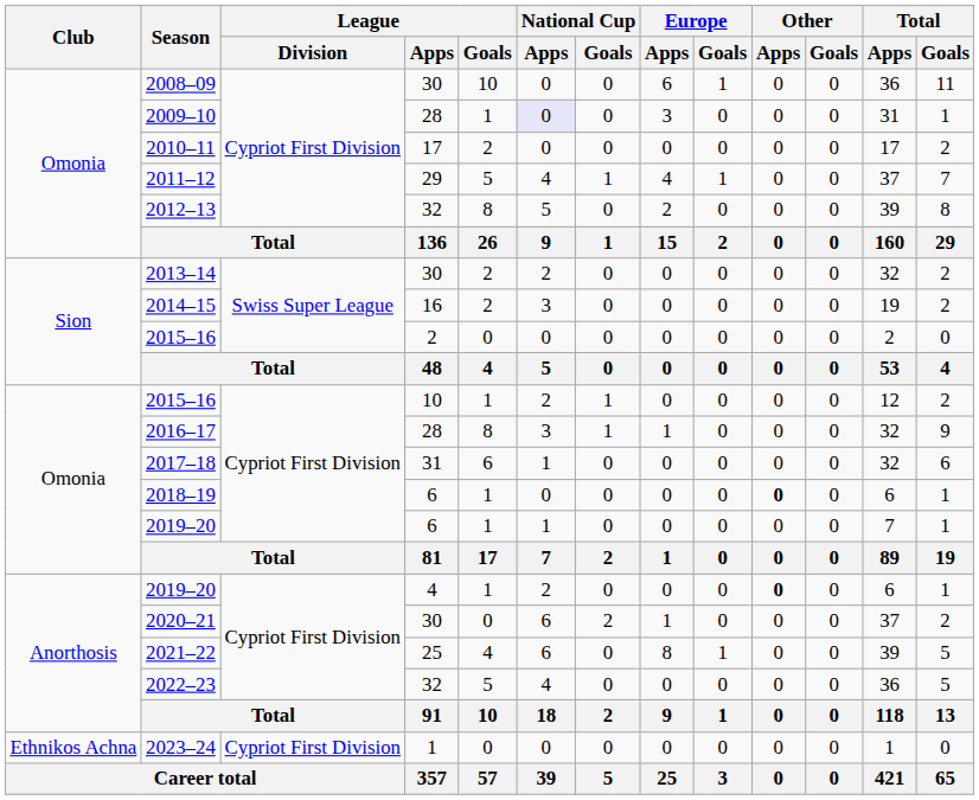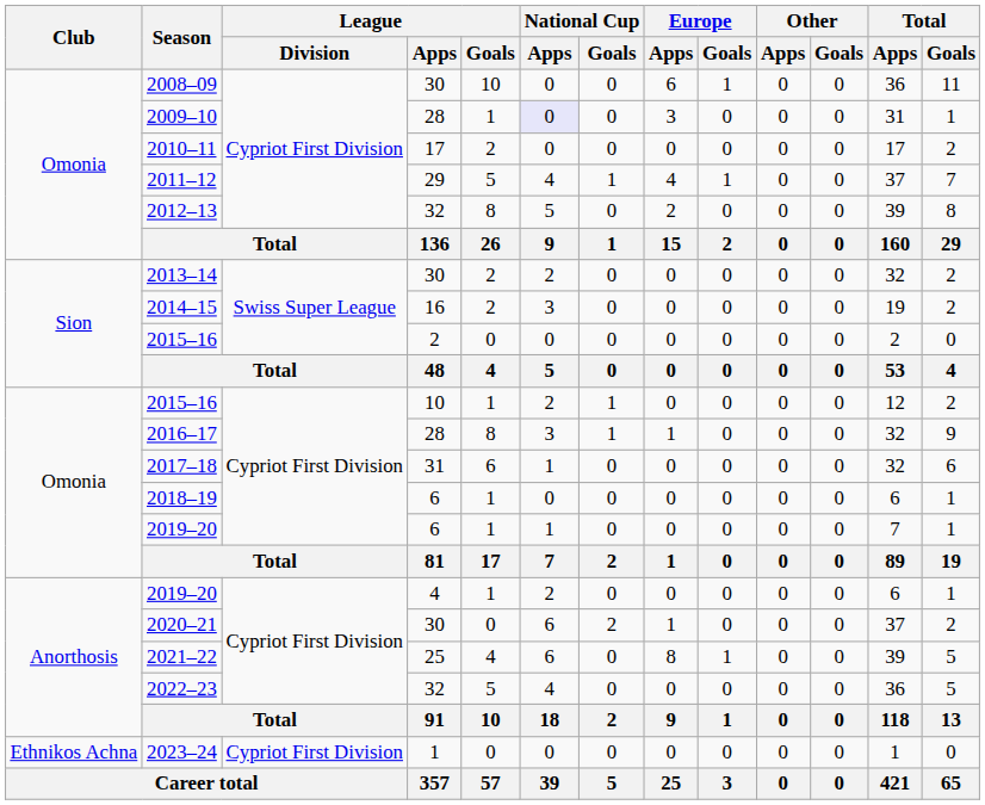 <table class="wikitable" style="text-align:center">
 <tr>
 <th rowspan=2>Club</th>
 <th rowspan=2>Season</th>
 <th colspan=3>League</th>
 <th colspan=2>National Cup</th>
 <th colspan=2><a href='#'>Europe</a></th>
 <th colspan=2>Other</th>
 <th colspan=2>Total</th>
 </tr>
 <tr>
 <th>Division</th>
 <th>Apps</th>
 <th>Goals</th>
 <th>Apps</th>
 <th>Goals</th>
 <th>Apps</th>
 <th>Goals</th>
 <th>Apps</th>
 <th>Goals</th>
 <th>Apps</th>
 <th>Goals</th>
 </tr>
 <tr>
 <td rowspan=6><a href='#'>Omonia</a></td>
 <td><a href='#'>2008–09</a></td>
 <td rowspan="5"><a href='#'>Cypriot First Division</a></td>
 <td>30</td>
 <td>10</td>
 <td>0</td>
 <td>0</td>
 <td>6</td>
 <td>1</td>
 <td>0</td>
 <td>0</td>
 <td>36</td>
 <td>11</td>
 </tr>
 <tr>
 <td><a href='#'>2009–10</a></td>
 <td>28</td>
 <td>1</td>
 <td style="background: lavender;">0</td>
 <td>0</td>
 <td>3</td>
 <td>0</td>
 <td>0</td>
 <td>0</td>
 <td>31</td>
 <td>1</td>
 </tr>
 <tr>
 <td><a href='#'>2010–11</a></td>
 <td>17</td>
 <td>2</td>
 <td>0</td>
 <td>0</td>
 <td>0</td>
 <td>0</td>
 <td>0</td>
 <td>0</td>
 <td>17</td>
 <td>2</td>
 </tr>
 <tr>
 <td><a href='#'>2011–12</a></td>
 <td>29</td>
 <td>5</td>
 <td>4</td>
 <td>1</td>
 <td>4</td>
 <td>1</td>
 <td>0</td>
 <td>0</td>
 <td>37</td>
 <td>7</td>
 </tr>
 <tr>
 <td><a href='#'>2012–13</a></td>
 <td>32</td>
 <td>8</td>
 <td>5</td>
 <td>0</td>
 <td>2</td>
 <td>0</td>
 <td>0</td>
 <td>0</td>
 <td>39</td>
 <td>8</td>
 </tr>
 <tr>
 <th colspan=2>Total</th>
 <th>136</th>
 <th>26</th>
 <th>9</th>
 <th>1</th>
 <th>15</th>
 <th>2</th>
 <th>0</th>
 <th>0</th>
 <th>160</th>
 <th>29</th>
 </tr>
 <tr>
 <td rowspan=4><a href='#'>Sion</a></td>
 <td><a href='#'>2013–14</a></td>
 <td rowspan="3"><a href='#'>Swiss Super League</a></td>
 <td>30</td>
 <td>2</td>
 <td>2</td>
 <td>0</td>
 <td>0</td>
 <td>0</td>
 <td>0</td>
 <td>0</td>
 <td>32</td>
 <td>2</td>
 </tr>
 <tr>
 <td><a href='#'>2014–15</a></td>
 <td>16</td>
 <td>2</td>
 <td>3</td>
 <td>0</td>
 <td>0</td>
 <td>0</td>
 <td>0</td>
 <td>0</td>
 <td>19</td>
 <td>2</td>
 </tr>
 <tr>
 <td><a href='#'>2015–16</a></td>
 <td>2</td>
 <td>0</td>
 <td>0</td>
 <td>0</td>
 <td>0</td>
 <td>0</td>
 <td>0</td>
 <td>0</td>
 <td>2</td>
 <td>0</td>
 </tr>
 <tr>
 <th colspan=2>Total</th>
 <th>48</th>
 <th>4</th>
 <th>5</th>
 <th>0</th>
 <th>0</th>
 <th>0</th>
 <th>0</th>
 <th>0</th>
 <th>53</th>
 <th>4</th>
 </tr>
 <tr>
 <td rowspan="6">Omonia</td>
 <td><a href='#'>2015–16</a></td>
 <td rowspan="5">Cypriot First Division</td>
 <td>10</td>
 <td>1</td>
 <td>2</td>
 <td>1</td>
 <td>0</td>
 <td>0</td>
 <td>0</td>
 <td>0</td>
 <td>12</td>
 <td>2</td>
 </tr>
 <tr>
 <td><a href='#'>2016–17</a></td>
 <td>28</td>
 <td>8</td>
 <td>3</td>
 <td>1</td>
 <td>1</td>
 <td>0</td>
 <td>0</td>
 <td>0</td>
 <td>32</td>
 <td>9</td>
 </tr>
 <tr>
 <td><a href='#'>2017–18</a></td>
 <td>31</td>
 <td>6</td>
 <td>1</td>
 <td>0</td>
 <td>0</td>
 <td>0</td>
 <td>0</td>
 <td>0</td>
 <td>32</td>
 <td>6</td>
 </tr>
 <tr>
 <td><a href='#'>2018–19</a></td>
 <td>6</td>
 <td>1</td>
 <td>0</td>
 <td>0</td>
 <td>0</td>
 <td>0</td>
-<td><strong>0</strong></td>
+<td>0</td>
 <td>0</td>
 <td>6</td>
 <td>1</td>
 </tr>
 <tr>
 <td><a href='#'>2019–20</a></td>
 <td>6</td>
 <td>1</td>
 <td>1</td>
 <td>0</td>
 <td>0</td>
 <td>0</td>
 <td>0</td>
 <td>0</td>
 <td>7</td>
 <td>1</td>
 </tr>
 <tr>
 <th colspan=2>Total</th>
 <th>81</th>
 <th>17</th>
 <th>7</th>
 <th>2</th>
 <th>1</th>
 <th>0</th>
 <th>0</th>
 <th>0</th>
 <th>89</th>
 <th>19</th>
 </tr>
 <tr>
 <td rowspan="5"><a href='#'>Anorthosis</a></td>
 <td><a href='#'>2019–20</a></td>
 <td rowspan="4">Cypriot First Division</td>
 <td>4</td>
 <td>1</td>
 <td>2</td>
 <td>0</td>
 <td>0</td>
 <td>0</td>
-<td><strong>0</strong></td>
+<td>0</td>
 <td>0</td>
 <td>6</td>
 <td>1</td>
 </tr>
 <tr>
 <td><a href='#'>2020–21</a></td>
 <td>30</td>
 <td>0</td>
 <td>6</td>
 <td>2</td>
 <td>1</td>
 <td>0</td>
 <td>0</td>
 <td>0</td>
 <td>37</td>
 <td>2</td>
 </tr>
 <tr>
 <td><a href='#'>2021–22</a></td>
 <td>25</td>
 <td>4</td>
 <td>6</td>
 <td>0</td>
 <td>8</td>
 <td>1</td>
 <td>0</td>
 <td>0</td>
 <td>39</td>
 <td>5</td>
 </tr>
 <tr>
 <td><a href='#'>2022–23</a></td>
 <td>32</td>
 <td>5</td>
 <td>4</td>
 <td>0</td>
 <td>0</td>
 <td>0</td>
 <td>0</td>
 <td>0</td>
 <td>36</td>
 <td>5</td>
 </tr>
 <tr>
 <th colspan=2>Total</th>
 <th>91</th>
 <th>10</th>
 <th>18</th>
 <th>2</th>
 <th>9</th>
 <th>1</th>
 <th>0</th>
 <th>0</th>
 <th>118</th>
 <th>13</th>
 </tr>
 <tr>
 <td><a href='#'>Ethnikos Achna</a></td>
 <td><a href='#'>2023–24</a></td>
 <td><a href='#'>Cypriot First Division</a></td>
 <td>1</td>
 <td>0</td>
 <td>0</td>
 <td>0</td>
 <td>0</td>
 <td>0</td>
 <td>0</td>
 <td>0</td>
 <td>1</td>
 <td>0</td>
 </tr>
 <tr>
 <th colspan=3>Career total</th>
 <th>357</th>
 <th>57</th>
 <th>39</th>
 <th>5</th>
 <th>25</th>
 <th>3</th>
 <th>0</th>
 <th>0</th>
 <th>421</th>
 <th>65</th>
 </tr>
 </table>
